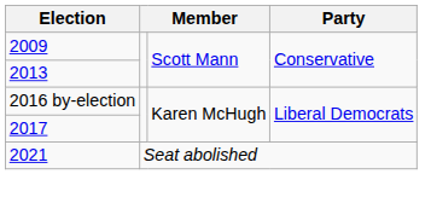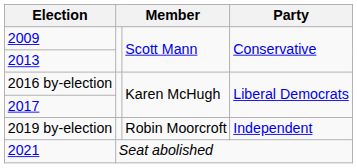 <table class="wikitable">
 <tr>
 <th>Election</th>
 <th colspan="2">Member</th>
 <th>Party</th>
 </tr>
 <tr>
 <td><a href='#'>2009</a></td>
 <td rowspan="2" style="background-color: "></td>
 <td rowspan="2"><a href='#'>Scott Mann</a></td>
 <td rowspan="2"><a href='#'>Conservative</a></td>
 </tr>
 <tr>
 <td><a href='#'>2013</a></td>
 </tr>
 <tr>
 <td>2016 by-election</td>
 <td rowspan="2" style="background-color: "></td>
 <td rowspan="2">Karen McHugh</td>
 <td rowspan="2"><a href='#'>Liberal Democrats</a></td>
 </tr>
 <tr>
 <td><a href='#'>2017</a></td>
 </tr>
 <tr>
+<td>2019 by-election</td>
+<td rowspan="1" style="background-color: "></td>
+<td rowspan="1">Robin Moorcroft</td>
+<td rowspan="1"><a href='#'>Independent</a></td>
+</tr>
+<tr>
 <td><a href='#'>2021</a></td>
 <td colspan="3"><em>Seat abolished</em></td>
 </tr>
 </table>
